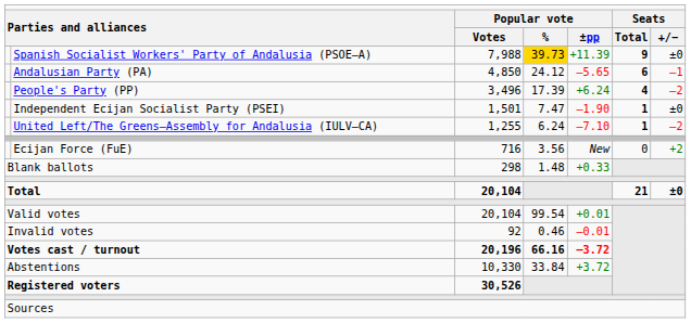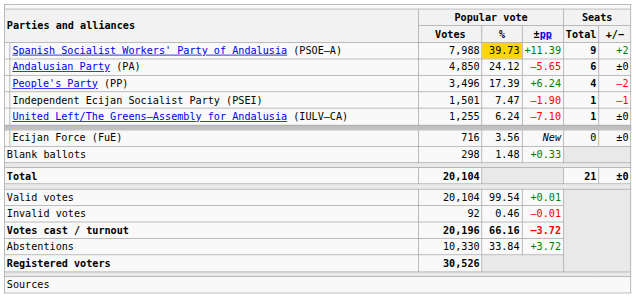 <table class="wikitable" style="text-align:right;">
 <tr>
 <td colspan="7"></td>
 </tr>
 <tr>
 <th style="text-align:left;" rowspan="2" colspan="2" width="525">Parties and alliances</th>
 <th colspan="3">Popular vote</th>
 <th colspan="2">Seats</th>
 </tr>
 <tr>
 <th width="75">Votes</th>
 <th width="45">%</th>
 <th width="45">±<a href='#'>pp</a></th>
 <th width="35">Total</th>
 <th width="35">+/−</th>
 </tr>
 <tr>
 <td width="1" style="color:inherit;background:"></td>
 <td align="left"><a href='#'>Spanish Socialist Workers' Party of Andalusia</a> (PSOE–A)</td>
 <td>7,988</td>
 <td style="background: gold;">39.73</td>
 <td style="color:green;">+11.39</td>
 <td><strong>9</strong></td>
-<td>±0</td>
+<td style="color:green;">+2</td>
 </tr>
 <tr>
 <td style="color:inherit;background:"></td>
 <td align="left"><a href='#'>Andalusian Party</a> (PA)</td>
 <td>4,850</td>
 <td>24.12</td>
 <td style="color:red;">–5.65</td>
 <td><strong>6</strong></td>
-<td style="color:red;">–1</td>
+<td>±0</td>
 </tr>
 <tr>
 <td style="color:inherit;background:"></td>
 <td align="left"><a href='#'>People's Party</a> (PP)</td>
 <td>3,496</td>
 <td>17.39</td>
 <td style="color:green;">+6.24</td>
 <td><strong>4</strong></td>
 <td style="color:red;">–2</td>
 </tr>
 <tr>
 <td style="color:inherit;background:"></td>
 <td align="left">Independent Ecijan Socialist Party (PSEI)</td>
 <td>1,501</td>
 <td>7.47</td>
 <td style="color:red;">–1.90</td>
 <td><strong>1</strong></td>
-<td>±0</td>
+<td style="color:red;">–1</td>
 </tr>
 <tr>
 <td style="color:inherit;background:"></td>
 <td align="left"><a href='#'>United Left/The Greens–Assembly for Andalusia</a> (IULV–CA)</td>
 <td>1,255</td>
 <td>6.24</td>
 <td style="color:red;">–7.10</td>
 <td><strong>1</strong></td>
-<td style="color:red;">–2</td>
+<td>±0</td>
 </tr>
 <tr>
 <td colspan="7" bgcolor="#C0C0C0"></td>
 </tr>
 <tr>
 <td style="color:inherit;background:"></td>
 <td align="left">Ecijan Force (FuE)</td>
 <td>716</td>
 <td>3.56</td>
 <td><em>New</em></td>
 <td>0</td>
-<td style="color:green;">+2</td>
+<td>±0</td>
 </tr>
 <tr>
 <td align="left" colspan="2">Blank ballots</td>
 <td>298</td>
 <td>1.48</td>
 <td style="color:green;">+0.33</td>
 <td bgcolor="#E9E9E9" colspan="2"></td>
 </tr>
 <tr>
 <td colspan="7" bgcolor="#E9E9E9"></td>
 </tr>
 <tr style="font-weight:bold;">
 <td align="left" colspan="2">Total</td>
 <td>20,104</td>
 <td bgcolor="#E9E9E9" colspan="2"></td>
 <td>21</td>
 <td>±0</td>
 </tr>
 <tr>
 <td colspan="7" bgcolor="#E9E9E9"></td>
 </tr>
 <tr>
 <td align="left" colspan="2">Valid votes</td>
 <td>20,104</td>
 <td>99.54</td>
 <td style="color:green;">+0.01</td>
 <td bgcolor="#E9E9E9" colspan="2" rowspan="5"></td>
 </tr>
 <tr>
 <td align="left" colspan="2">Invalid votes</td>
 <td>92</td>
 <td>0.46</td>
 <td style="color:red;">–0.01</td>
 </tr>
 <tr style="font-weight:bold;">
 <td align="left" colspan="2">Votes cast / turnout</td>
 <td>20,196</td>
 <td>66.16</td>
 <td style="color:red;">–3.72</td>
 </tr>
 <tr>
 <td align="left" colspan="2">Abstentions</td>
 <td>10,330</td>
 <td>33.84</td>
 <td style="color:green;">+3.72</td>
 </tr>
 <tr style="font-weight:bold;">
 <td align="left" colspan="2">Registered voters</td>
 <td>30,526</td>
 <td bgcolor="#E9E9E9" colspan="2"></td>
 </tr>
 <tr>
 <td colspan="7" bgcolor="#E9E9E9"></td>
 </tr>
 <tr>
 <td align="left" colspan="7">Sources</td>
 </tr>
 </table>
